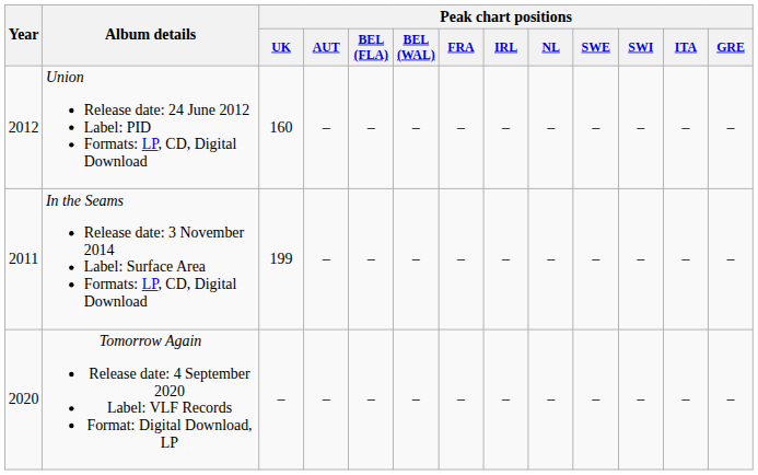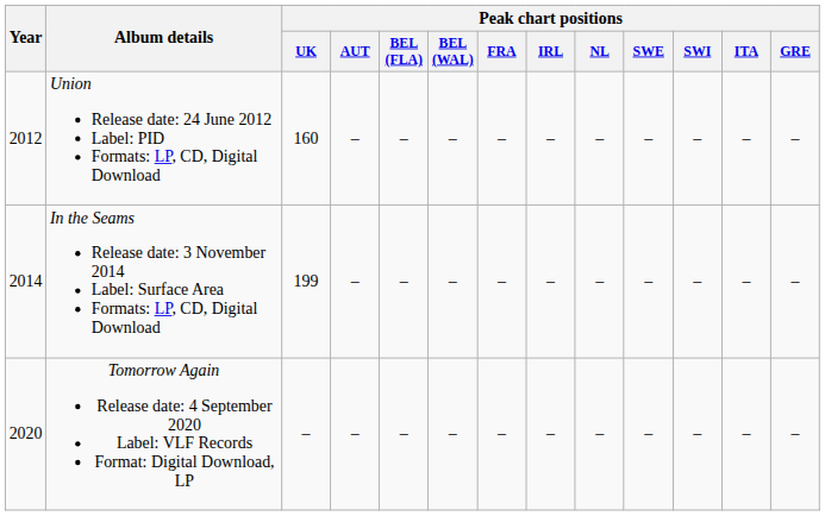 <table class="wikitable" style="text-align:center;">
 <tr>
 <th rowspan="2">Year</th>
 <th style="width:220px;" rowspan="2">Album details</th>
 <th colspan="11">Peak chart positions</th>
 </tr>
 <tr>
 <th style="width:3em;font-size:85%"><a href='#'>UK</a><br></th>
 <th style="width:3em;font-size:85%"><a href='#'>AUT</a><br></th>
 <th style="width:3em;font-size:85%"><a href='#'>BEL (FLA)</a><br></th>
 <th style="width:3em;font-size:85%"><a href='#'>BEL (WAL)</a><br></th>
 <th style="width:3em;font-size:85%"><a href='#'>FRA</a><br></th>
 <th style="width:3em;font-size:85%"><a href='#'>IRL</a><br></th>
 <th style="width:3em;font-size:85%"><a href='#'>NL</a><br></th>
 <th style="width:3em;font-size:85%"><a href='#'>SWE</a><br></th>
 <th style="width:3em;font-size:85%"><a href='#'>SWI</a><br></th>
 <th style="width:3em;font-size:85%"><a href='#'>ITA</a><br></th>
 <th style="width:3em;font-size:85%"><a href='#'>GRE</a><br></th>
 </tr>
 <tr>
 <td>2012</td>
 <td style="text-align:left;"><em>Union</em><br><ul><li>Release date: 24 June 2012</li><li>Label: PID</li><li>Formats: <a href='#'>LP</a>, CD, Digital Download</li></ul></td>
 <td>160</td>
 <td>–</td>
 <td>–</td>
 <td>–</td>
 <td>–</td>
 <td>–</td>
 <td>–</td>
 <td>–</td>
 <td>–</td>
 <td>–</td>
 <td>–</td>
 </tr>
 <tr>
-<td>2011</td>
+<td>2014</td>
 <td style="text-align:left;"><em>In the Seams</em><br><ul><li>Release date: 3 November 2014</li><li>Label: Surface Area</li><li>Formats: <a href='#'>LP</a>, CD, Digital Download</li></ul></td>
 <td>199</td>
 <td>–</td>
 <td>–</td>
 <td>–</td>
 <td>–</td>
 <td>–</td>
 <td>–</td>
 <td>–</td>
 <td>–</td>
 <td>–</td>
 <td>–</td>
 </tr>
 <tr>
 <td>2020</td>
 <td><em>Tomorrow Again</em><br><ul><li>Release date: 4 September 2020</li><li>Label: VLF Records</li><li>Format: Digital Download, LP</li></ul></td>
 <td>–</td>
 <td>–</td>
 <td>–</td>
 <td>–</td>
 <td>–</td>
 <td>–</td>
 <td>–</td>
 <td>–</td>
 <td>–</td>
 <td>–</td>
 <td>–</td>
 </tr>
 </table>
